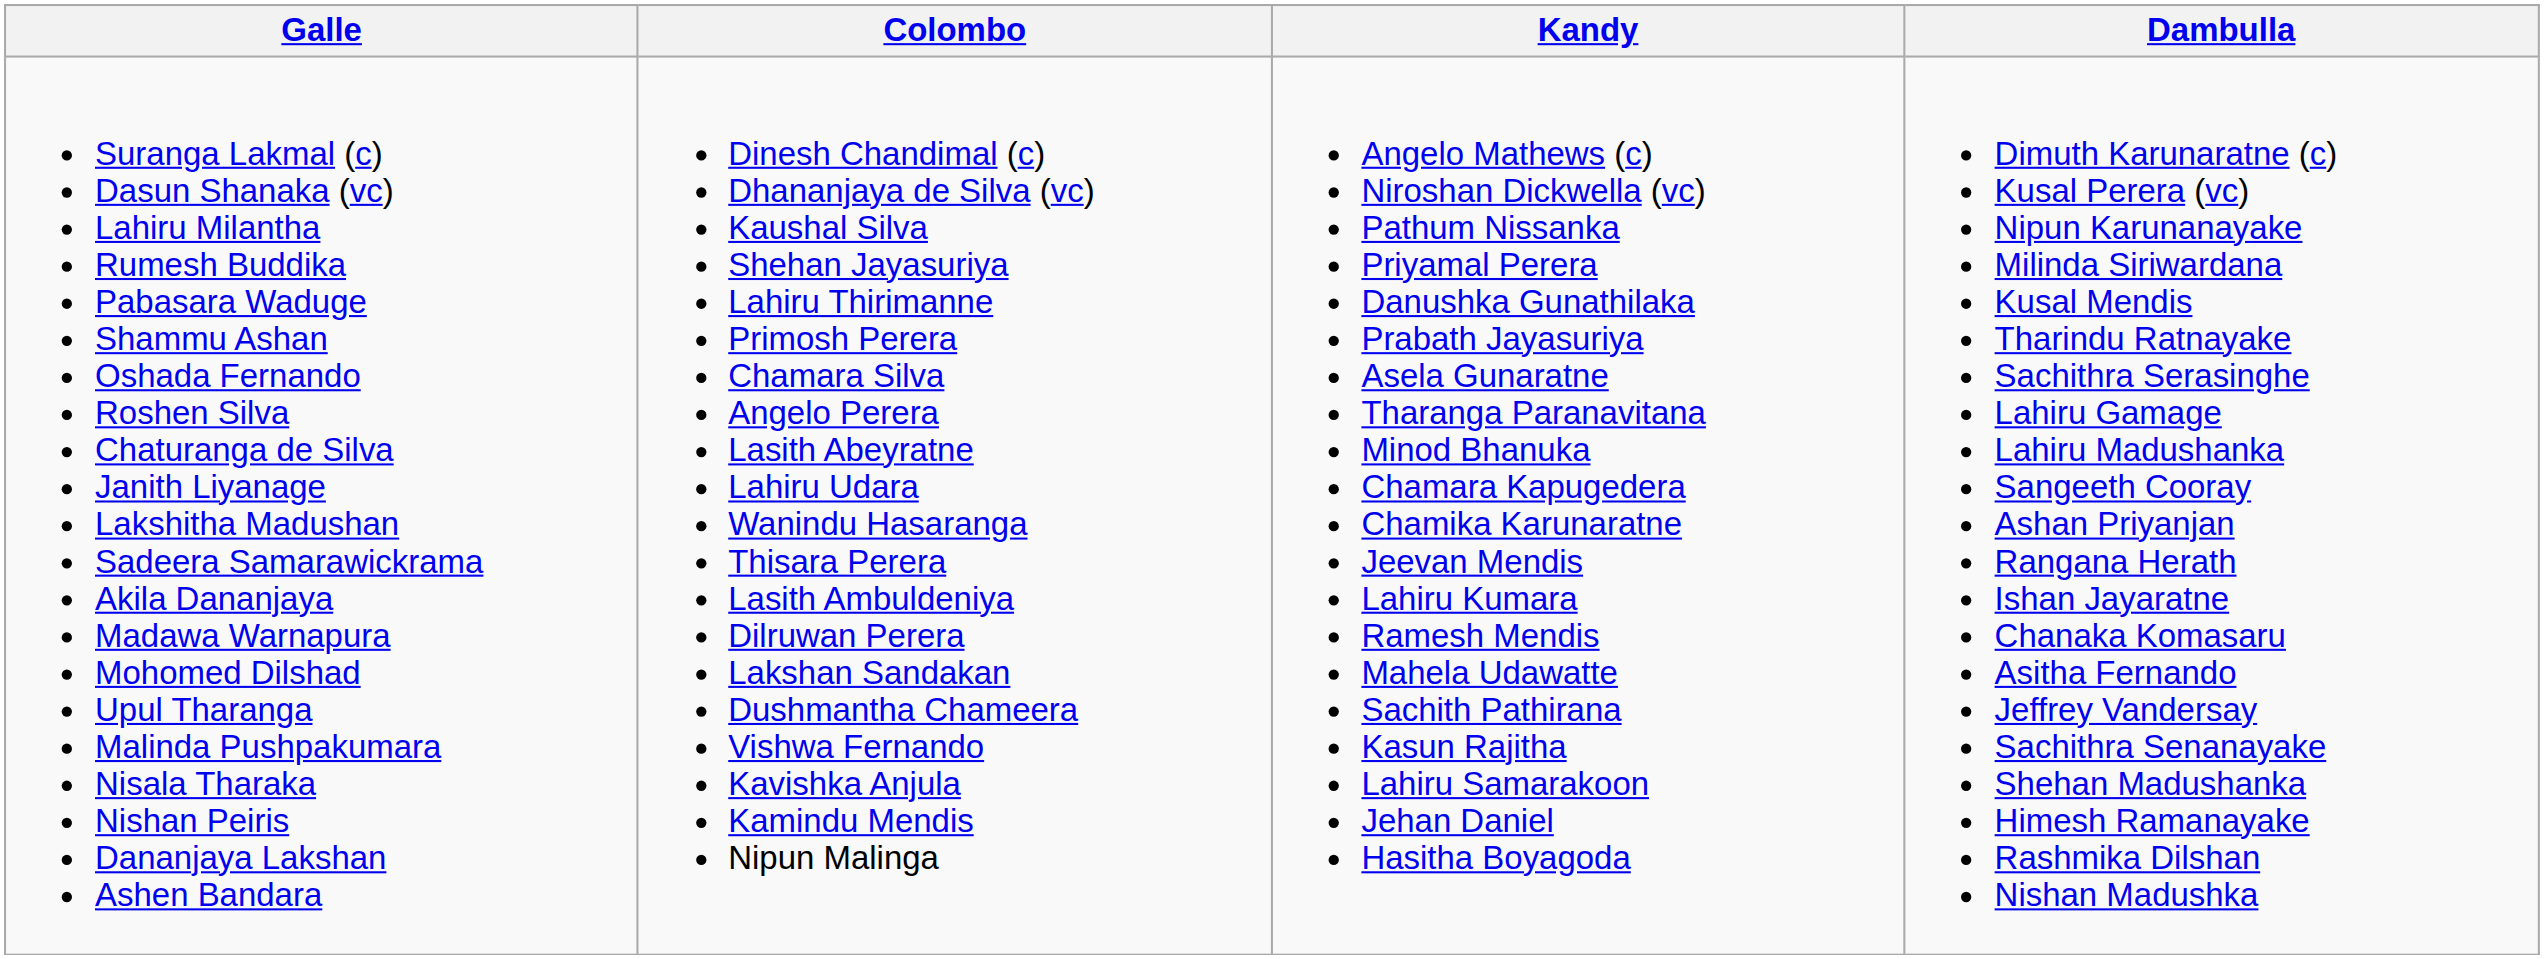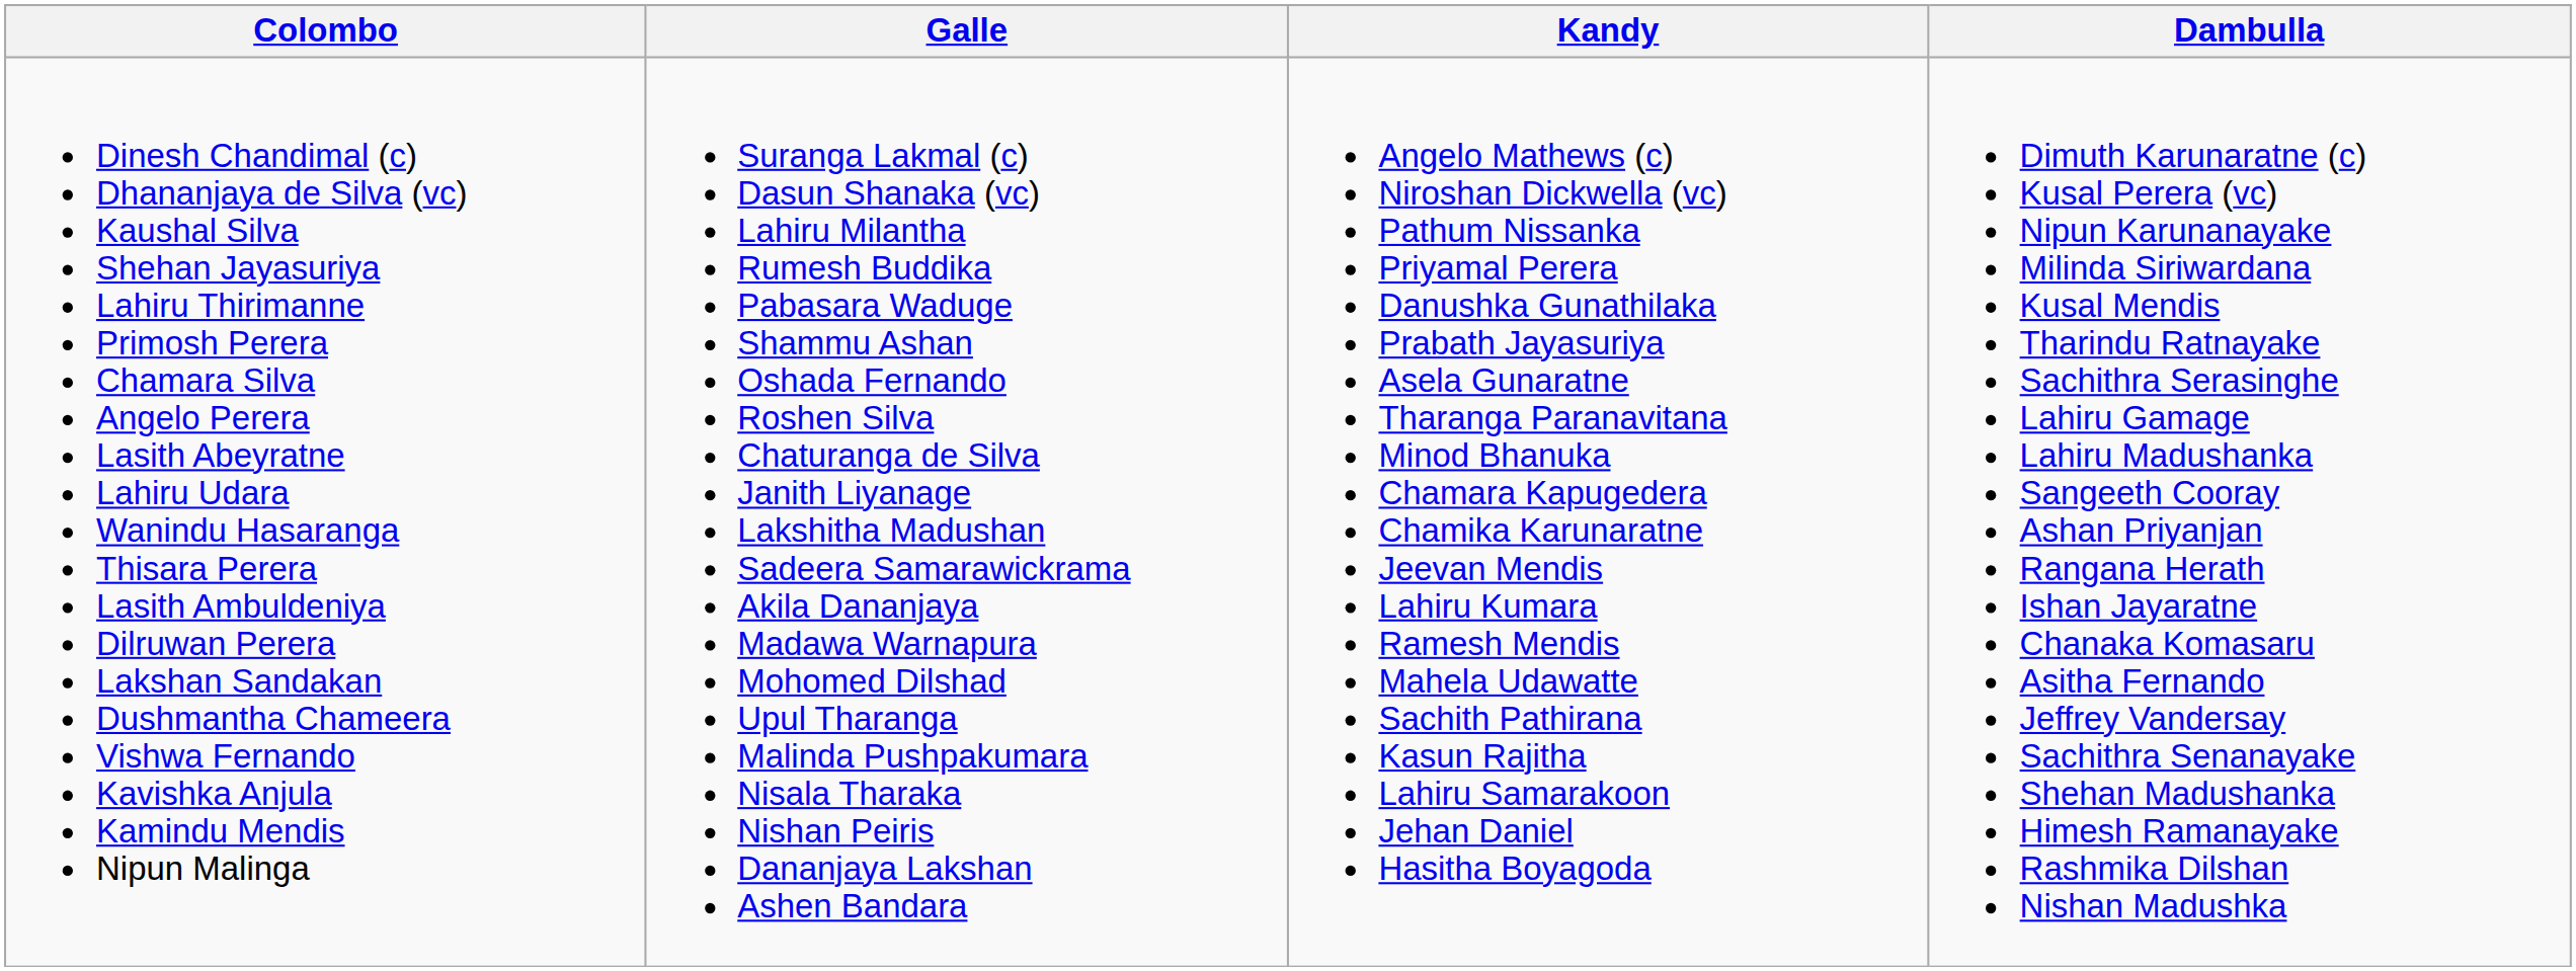 <table class="wikitable">
 <tr>
+<th width=300><a href='#'>Colombo</a></th>
 <th width=300><a href='#'>Galle</a></th>
-<th width=300><a href='#'>Colombo</a></th>
 <th width=300><a href='#'>Kandy</a></th>
 <th width=300><a href='#'>Dambulla</a></th>
 </tr>
 <tr>
+<td valign=top><br><ul><li><a href='#'>Dinesh Chandimal</a> (<a href='#'>c</a>)</li><li><a href='#'>Dhananjaya de Silva</a> (<a href='#'>vc</a>)</li><li><a href='#'>Kaushal Silva</a></li><li><a href='#'>Shehan Jayasuriya</a></li><li><a href='#'>Lahiru Thirimanne</a></li><li><a href='#'>Primosh Perera</a></li><li><a href='#'>Chamara Silva</a></li><li><a href='#'>Angelo Perera</a></li><li><a href='#'>Lasith Abeyratne</a></li><li><a href='#'>Lahiru Udara</a></li><li><a href='#'>Wanindu Hasaranga</a></li><li><a href='#'>Thisara Perera</a></li><li><a href='#'>Lasith Ambuldeniya</a></li><li><a href='#'>Dilruwan Perera</a></li><li><a href='#'>Lakshan Sandakan</a></li><li><a href='#'>Dushmantha Chameera</a></li><li><a href='#'>Vishwa Fernando</a></li><li><a href='#'>Kavishka Anjula</a></li><li><a href='#'>Kamindu Mendis</a></li><li>Nipun Malinga</li></ul></td>
 <td valign=top><br><ul><li><a href='#'>Suranga Lakmal</a> (<a href='#'>c</a>)</li><li><a href='#'>Dasun Shanaka</a> (<a href='#'>vc</a>)</li><li><a href='#'>Lahiru Milantha</a></li><li><a href='#'>Rumesh Buddika</a></li><li><a href='#'>Pabasara Waduge</a></li><li><a href='#'>Shammu Ashan</a></li><li><a href='#'>Oshada Fernando</a></li><li><a href='#'>Roshen Silva</a></li><li><a href='#'>Chaturanga de Silva</a></li><li><a href='#'>Janith Liyanage</a></li><li><a href='#'>Lakshitha Madushan</a></li><li><a href='#'>Sadeera Samarawickrama</a></li><li><a href='#'>Akila Dananjaya</a></li><li><a href='#'>Madawa Warnapura</a></li><li><a href='#'>Mohomed Dilshad</a></li><li><a href='#'>Upul Tharanga</a></li><li><a href='#'>Malinda Pushpakumara</a></li><li><a href='#'>Nisala Tharaka</a></li><li><a href='#'>Nishan Peiris</a></li><li><a href='#'>Dananjaya Lakshan</a></li><li><a href='#'>Ashen Bandara</a></li></ul></td>
-<td valign=top><br><ul><li><a href='#'>Dinesh Chandimal</a> (<a href='#'>c</a>)</li><li><a href='#'>Dhananjaya de Silva</a> (<a href='#'>vc</a>)</li><li><a href='#'>Kaushal Silva</a></li><li><a href='#'>Shehan Jayasuriya</a></li><li><a href='#'>Lahiru Thirimanne</a></li><li><a href='#'>Primosh Perera</a></li><li><a href='#'>Chamara Silva</a></li><li><a href='#'>Angelo Perera</a></li><li><a href='#'>Lasith Abeyratne</a></li><li><a href='#'>Lahiru Udara</a></li><li><a href='#'>Wanindu Hasaranga</a></li><li><a href='#'>Thisara Perera</a></li><li><a href='#'>Lasith Ambuldeniya</a></li><li><a href='#'>Dilruwan Perera</a></li><li><a href='#'>Lakshan Sandakan</a></li><li><a href='#'>Dushmantha Chameera</a></li><li><a href='#'>Vishwa Fernando</a></li><li><a href='#'>Kavishka Anjula</a></li><li><a href='#'>Kamindu Mendis</a></li><li>Nipun Malinga</li></ul></td>
 <td valign=top><br><ul><li><a href='#'>Angelo Mathews</a> (<a href='#'>c</a>)</li><li><a href='#'>Niroshan Dickwella</a> (<a href='#'>vc</a>)</li><li><a href='#'>Pathum Nissanka</a></li><li><a href='#'>Priyamal Perera</a></li><li><a href='#'>Danushka Gunathilaka</a></li><li><a href='#'>Prabath Jayasuriya</a></li><li><a href='#'>Asela Gunaratne</a></li><li><a href='#'>Tharanga Paranavitana</a></li><li><a href='#'>Minod Bhanuka</a></li><li><a href='#'>Chamara Kapugedera</a></li><li><a href='#'>Chamika Karunaratne</a></li><li><a href='#'>Jeevan Mendis</a></li><li><a href='#'>Lahiru Kumara</a></li><li><a href='#'>Ramesh Mendis</a></li><li><a href='#'>Mahela Udawatte</a></li><li><a href='#'>Sachith Pathirana</a></li><li><a href='#'>Kasun Rajitha</a></li><li><a href='#'>Lahiru Samarakoon</a></li><li><a href='#'>Jehan Daniel</a></li><li><a href='#'>Hasitha Boyagoda</a></li></ul></td>
 <td valign=top><br><ul><li><a href='#'>Dimuth Karunaratne</a> (<a href='#'>c</a>)</li><li><a href='#'>Kusal Perera</a> (<a href='#'>vc</a>)</li><li><a href='#'>Nipun Karunanayake</a></li><li><a href='#'>Milinda Siriwardana</a></li><li><a href='#'>Kusal Mendis</a></li><li><a href='#'>Tharindu Ratnayake</a></li><li><a href='#'>Sachithra Serasinghe</a></li><li><a href='#'>Lahiru Gamage</a></li><li><a href='#'>Lahiru Madushanka</a></li><li><a href='#'>Sangeeth Cooray</a></li><li><a href='#'>Ashan Priyanjan</a></li><li><a href='#'>Rangana Herath</a></li><li><a href='#'>Ishan Jayaratne</a></li><li><a href='#'>Chanaka Komasaru</a></li><li><a href='#'>Asitha Fernando</a></li><li><a href='#'>Jeffrey Vandersay</a></li><li><a href='#'>Sachithra Senanayake</a></li><li><a href='#'>Shehan Madushanka</a></li><li><a href='#'>Himesh Ramanayake</a></li><li><a href='#'>Rashmika Dilshan</a></li><li><a href='#'>Nishan Madushka</a></li></ul></td>
 </tr>
 </table>
